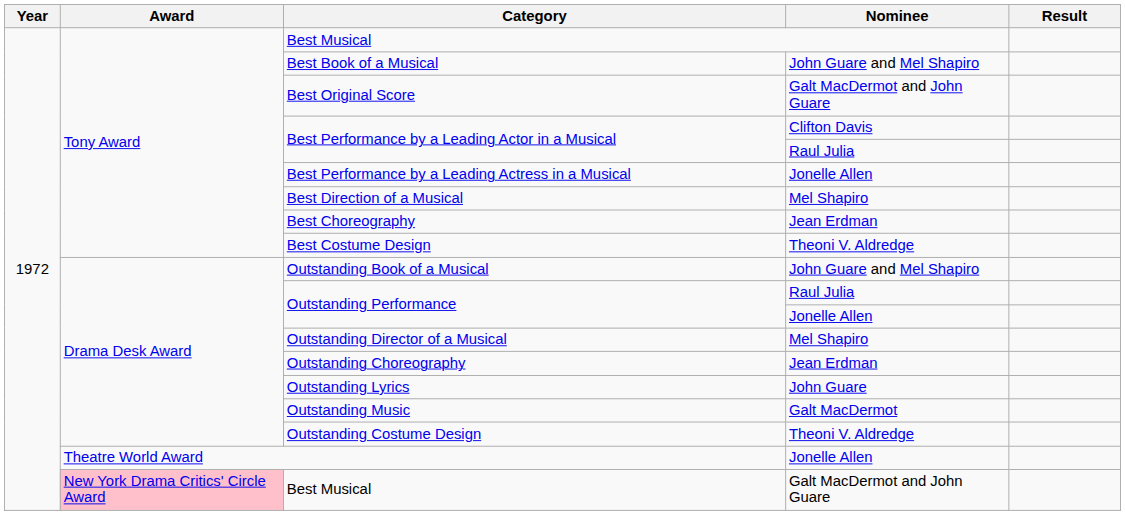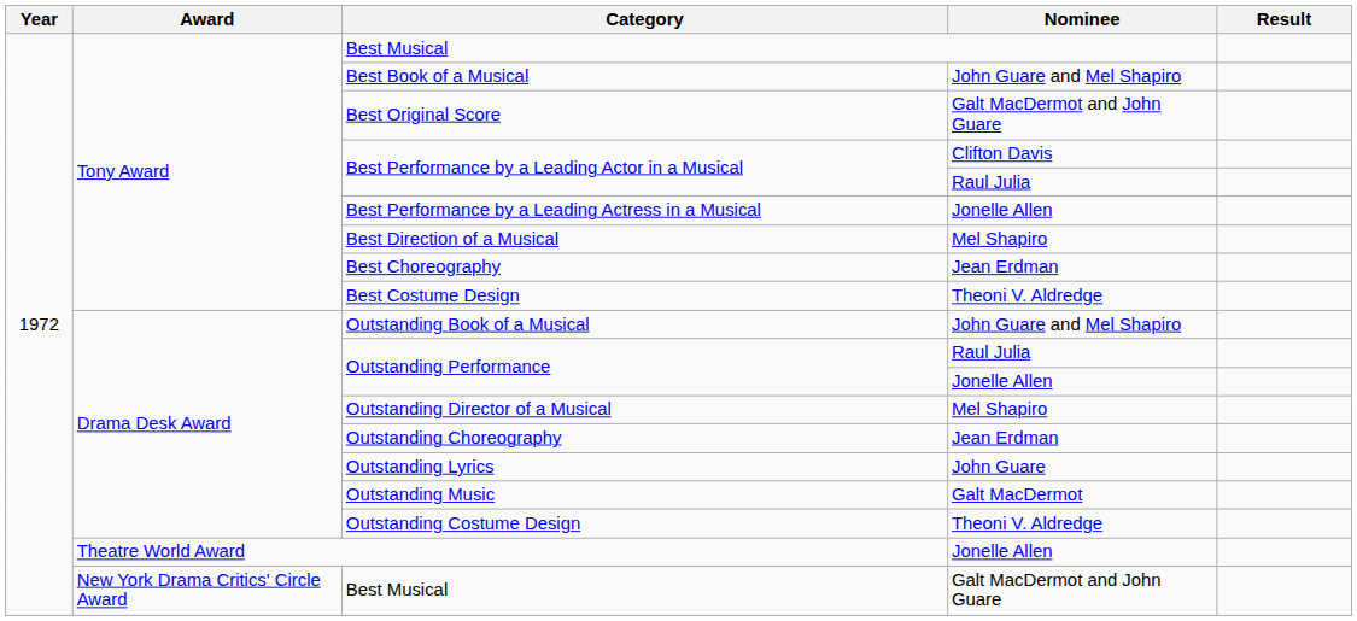 <table class="wikitable" width="95%">
 <tr>
 <th width="5%">Year</th>
 <th width="20%">Award</th>
 <th width="45%">Category</th>
 <th width="20%">Nominee</th>
 <th width="10%">Result</th>
 </tr>
 <tr>
 <td rowspan="19" align="center">1972</td>
 <td rowspan="9"><a href='#'>Tony Award</a></td>
 <td colspan="2"><a href='#'>Best Musical</a></td>
 <td></td>
 </tr>
 <tr>
 <td><a href='#'>Best Book of a Musical</a></td>
 <td><a href='#'>John Guare</a> and <a href='#'>Mel Shapiro</a></td>
 <td></td>
 </tr>
 <tr>
 <td><a href='#'>Best Original Score</a></td>
 <td><a href='#'>Galt MacDermot</a> and <a href='#'>John Guare</a></td>
 <td></td>
 </tr>
 <tr>
 <td rowspan="2"><a href='#'>Best Performance by a Leading Actor in a Musical</a></td>
 <td><a href='#'>Clifton Davis</a></td>
 <td></td>
 </tr>
 <tr>
 <td><a href='#'>Raul Julia</a></td>
 <td></td>
 </tr>
 <tr>
 <td><a href='#'>Best Performance by a Leading Actress in a Musical</a></td>
 <td><a href='#'>Jonelle Allen</a></td>
 <td></td>
 </tr>
 <tr>
 <td><a href='#'>Best Direction of a Musical</a></td>
 <td><a href='#'>Mel Shapiro</a></td>
 <td></td>
 </tr>
 <tr>
 <td><a href='#'>Best Choreography</a></td>
 <td><a href='#'>Jean Erdman</a></td>
 <td></td>
 </tr>
 <tr>
 <td><a href='#'>Best Costume Design</a></td>
 <td><a href='#'>Theoni V. Aldredge</a></td>
 <td></td>
 </tr>
 <tr>
 <td rowspan="8"><a href='#'>Drama Desk Award</a></td>
 <td><a href='#'>Outstanding Book of a Musical</a></td>
 <td><a href='#'>John Guare</a> and <a href='#'>Mel Shapiro</a></td>
 <td></td>
 </tr>
 <tr>
 <td rowspan="2"><a href='#'>Outstanding Performance</a></td>
 <td><a href='#'>Raul Julia</a></td>
 <td></td>
 </tr>
 <tr>
 <td><a href='#'>Jonelle Allen</a></td>
 <td></td>
 </tr>
 <tr>
 <td><a href='#'>Outstanding Director of a Musical</a></td>
 <td><a href='#'>Mel Shapiro</a></td>
 <td></td>
 </tr>
 <tr>
 <td><a href='#'>Outstanding Choreography</a></td>
 <td><a href='#'>Jean Erdman</a></td>
 <td></td>
 </tr>
 <tr>
 <td><a href='#'>Outstanding Lyrics</a></td>
 <td><a href='#'>John Guare</a></td>
 <td></td>
 </tr>
 <tr>
 <td><a href='#'>Outstanding Music</a></td>
 <td><a href='#'>Galt MacDermot</a></td>
 <td></td>
 </tr>
 <tr>
 <td><a href='#'>Outstanding Costume Design</a></td>
 <td><a href='#'>Theoni V. Aldredge</a></td>
 <td></td>
 </tr>
 <tr>
 <td colspan="2"><a href='#'>Theatre World Award</a></td>
 <td><a href='#'>Jonelle Allen</a></td>
 <td></td>
 </tr>
 <tr>
-<td style="background: pink;"><a href='#'>New York Drama Critics' Circle Award</a></td>
+<td><a href='#'>New York Drama Critics' Circle Award</a></td>
 <td>Best Musical</td>
 <td>Galt MacDermot and John Guare</td>
 <td></td>
 </tr>
 </table>
